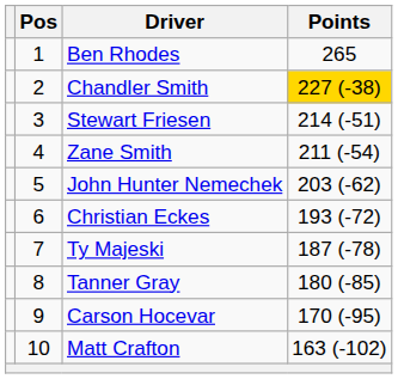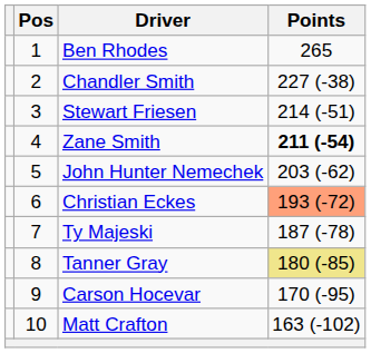 <table class="wikitable" style="font-size: 95%;">
 <tr>
 <th></th>
 <th>Pos</th>
 <th>Driver</th>
 <th>Points</th>
 </tr>
 <tr>
 <td align="left"></td>
 <td style="text-align:center;">1</td>
 <td><a href='#'>Ben Rhodes</a></td>
 <td style="text-align:center;">265</td>
 </tr>
 <tr>
 <td align="left"></td>
 <td style="text-align:center;">2</td>
 <td><a href='#'>Chandler Smith</a></td>
-<td style="background: gold; text-align:center;">227 (-38)</td>
+<td style="text-align:center;">227 (-38)</td>
 </tr>
 <tr>
 <td align="left"></td>
 <td style="text-align:center;">3</td>
 <td><a href='#'>Stewart Friesen</a></td>
 <td style="text-align:center;">214 (-51)</td>
 </tr>
 <tr>
 <td align="left"></td>
 <td style="text-align:center;">4</td>
 <td><a href='#'>Zane Smith</a></td>
-<td style="text-align:center;">211 (-54)</td>
+<td style="text-align:center;"><strong>211 (-54)</strong></td>
 </tr>
 <tr>
 <td align="left"></td>
 <td style="text-align:center;">5</td>
 <td><a href='#'>John Hunter Nemechek</a></td>
 <td style="text-align:center;">203 (-62)</td>
 </tr>
 <tr>
 <td align="left"></td>
 <td style="text-align:center;">6</td>
 <td><a href='#'>Christian Eckes</a></td>
-<td style="text-align:center;">193 (-72)</td>
+<td style="background: lightsalmon; text-align:center;">193 (-72)</td>
 </tr>
 <tr>
 <td align="left"></td>
 <td style="text-align:center;">7</td>
 <td><a href='#'>Ty Majeski</a></td>
 <td style="text-align:center;">187 (-78)</td>
 </tr>
 <tr>
 <td align="left"></td>
 <td style="text-align:center;">8</td>
 <td><a href='#'>Tanner Gray</a></td>
-<td style="text-align:center;">180 (-85)</td>
+<td style="background: khaki; text-align:center;">180 (-85)</td>
 </tr>
 <tr>
 <td align="left"></td>
 <td style="text-align:center;">9</td>
 <td><a href='#'>Carson Hocevar</a></td>
 <td style="text-align:center;">170 (-95)</td>
 </tr>
 <tr>
 <td align="left"></td>
 <td style="text-align:center;">10</td>
 <td><a href='#'>Matt Crafton</a></td>
 <td style="text-align:center;">163 (-102)</td>
 </tr>
 <tr class="sortbottom">
 <th colspan="9"></th>
 </tr>
 </table>
